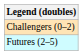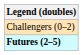 <table class=wikitable style=font-size:97%>
 <tr>
 <th>Legend (doubles)</th>
 </tr>
 <tr bgcolor=moccasin>
 <td>Challengers (0–2)</td>
 </tr>
 <tr bgcolor=CFFCFF>
-<td>Futures (2–5)</td>
+<td><strong>Futures (2–5)</strong></td>
 </tr>
 </table>
